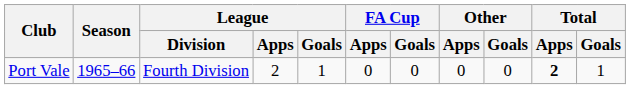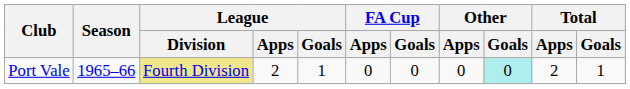 <table class="wikitable" style="text-align:center">
 <tr>
 <th rowspan="2">Club</th>
 <th rowspan="2">Season</th>
 <th colspan="3">League</th>
 <th colspan="2"><a href='#'>FA Cup</a></th>
 <th colspan="2">Other</th>
 <th colspan="2">Total</th>
 </tr>
 <tr>
 <th>Division</th>
 <th>Apps</th>
 <th>Goals</th>
 <th>Apps</th>
 <th>Goals</th>
 <th>Apps</th>
 <th>Goals</th>
 <th>Apps</th>
 <th>Goals</th>
 </tr>
 <tr>
 <td><a href='#'>Port Vale</a></td>
 <td><a href='#'>1965–66</a></td>
-<td><a href='#'>Fourth Division</a></td>
+<td style="background: khaki;"><a href='#'>Fourth Division</a></td>
 <td>2</td>
 <td>1</td>
 <td>0</td>
 <td>0</td>
 <td>0</td>
-<td>0</td>
-<td><strong>2</strong></td>
+<td style="background: paleturquoise;">0</td>
+<td>2</td>
 <td>1</td>
 </tr>
 </table>
